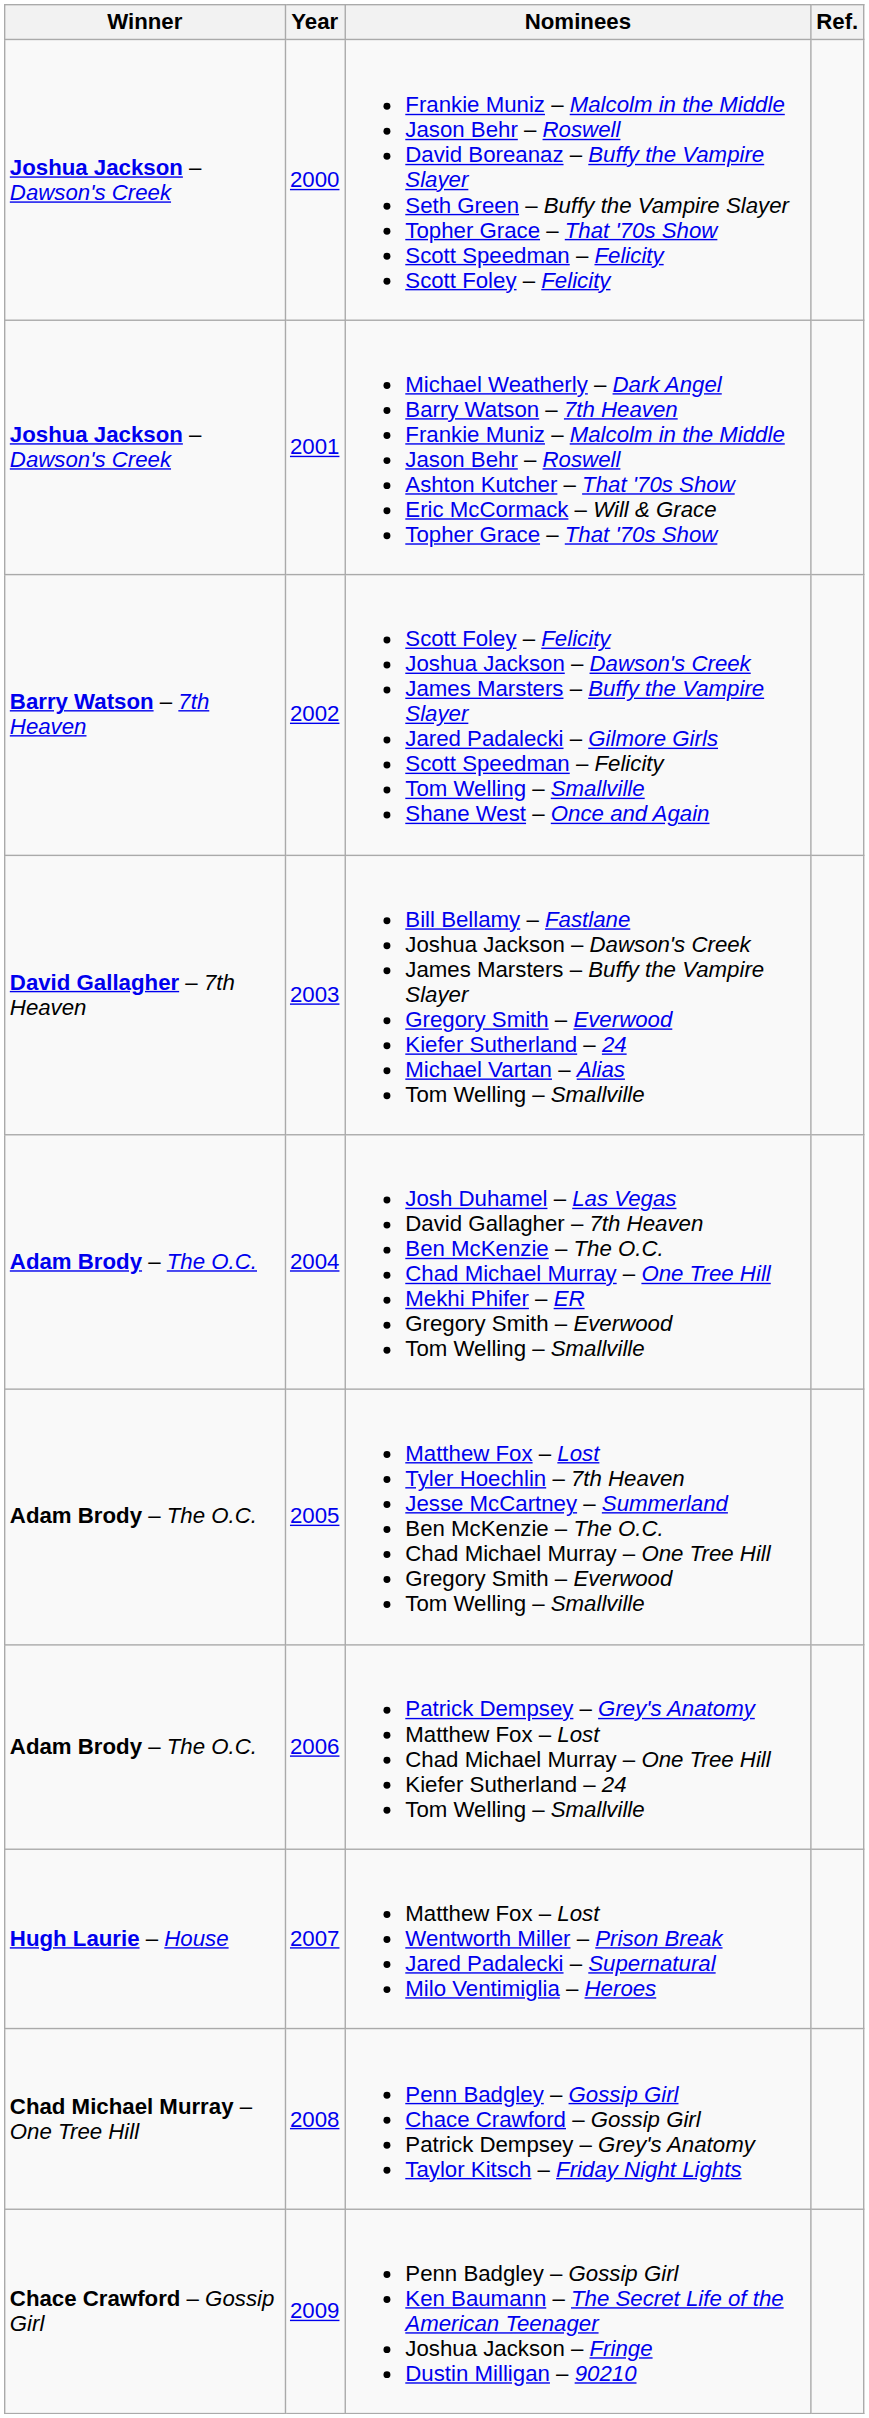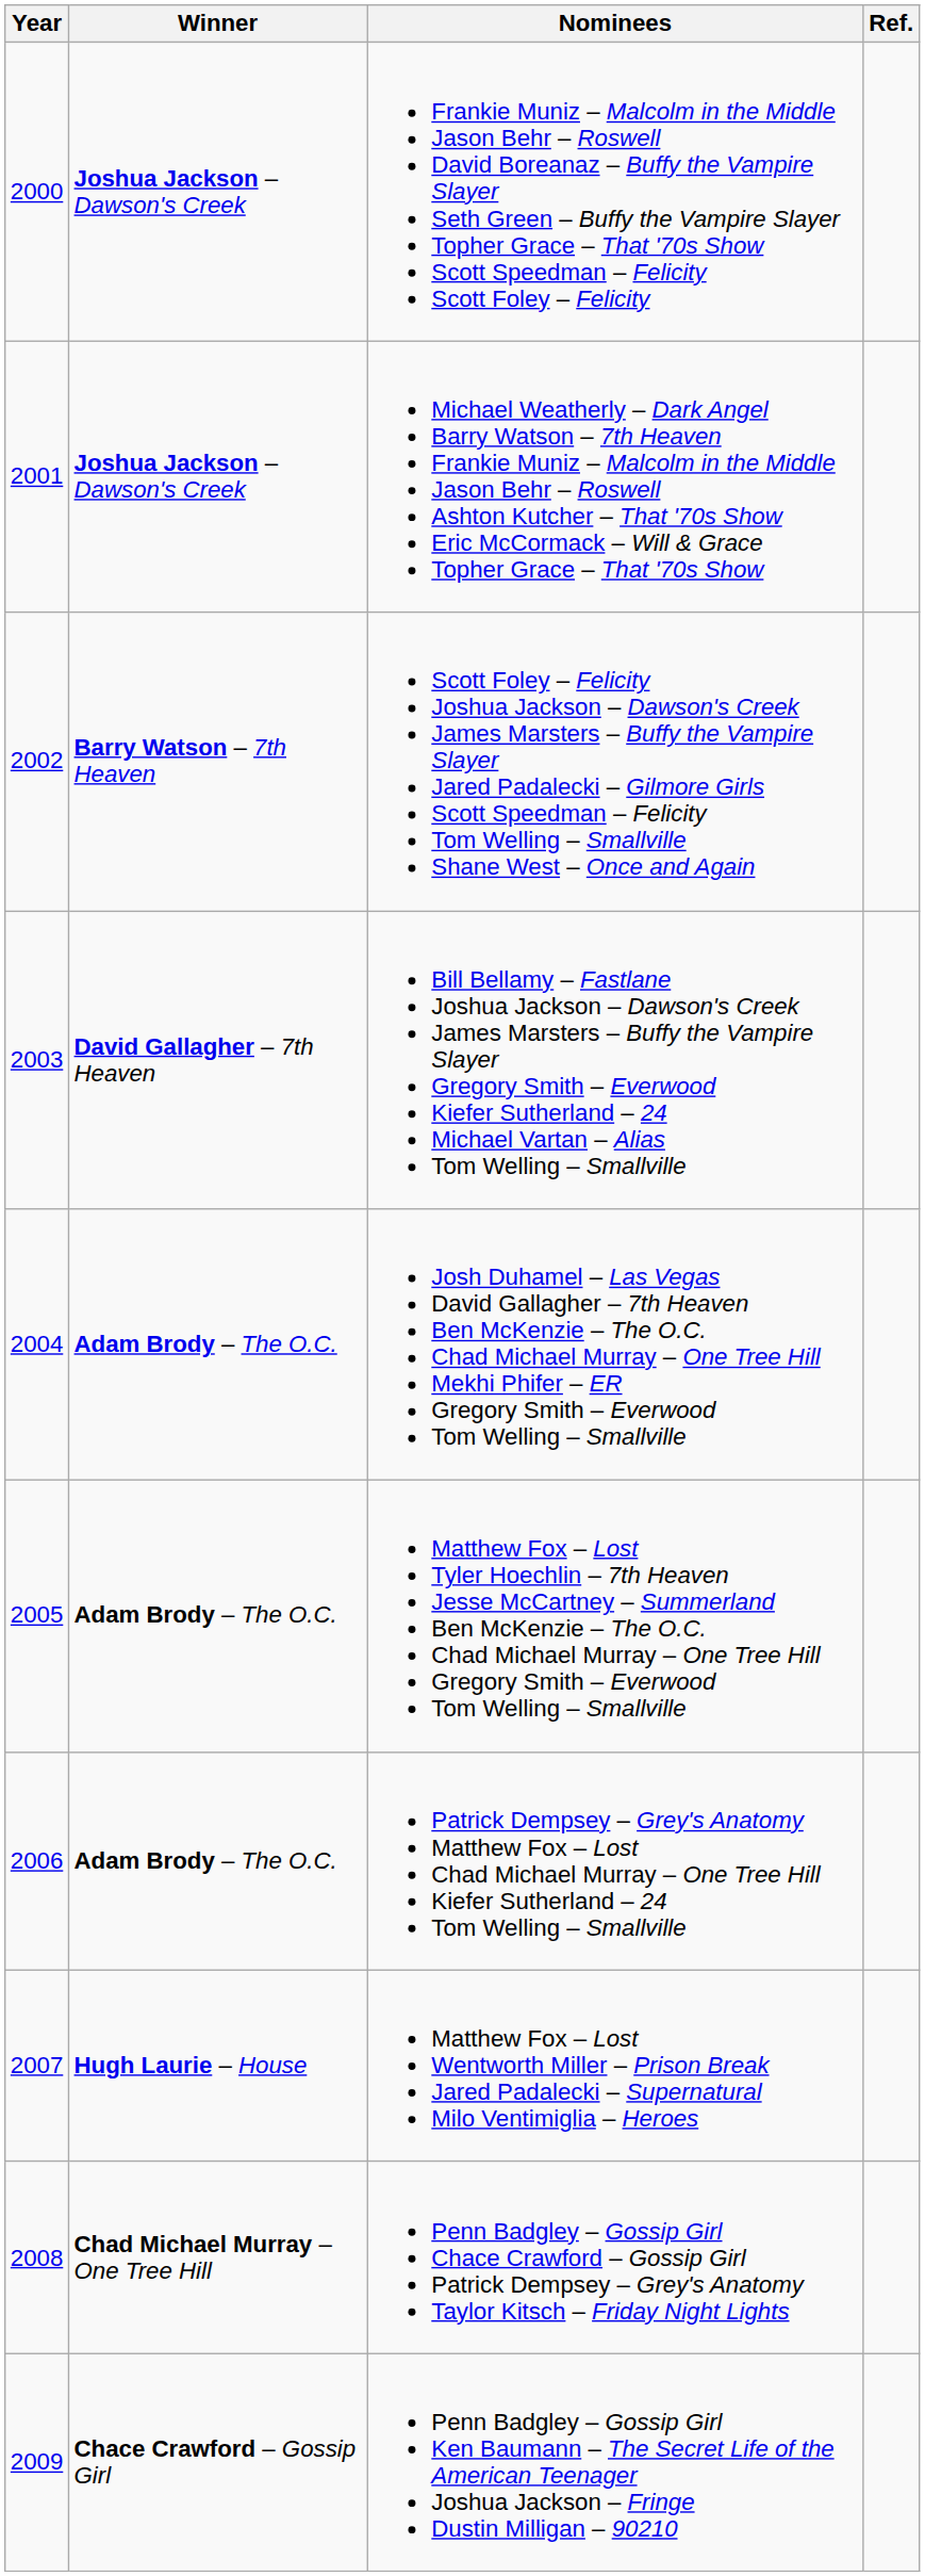 <table class="wikitable" width=70%>
 <tr>
+<th>Year</th>
 <th>Winner</th>
-<th>Year</th>
 <th>Nominees</th>
 <th>Ref.</th>
 </tr>
 <tr>
+<td><a href='#'>2000</a></td>
 <td><strong><a href='#'>Joshua Jackson</a></strong> – <em><a href='#'>Dawson's Creek</a></em></td>
-<td><a href='#'>2000</a></td>
 <td><br><ul><li><a href='#'>Frankie Muniz</a> – <em><a href='#'>Malcolm in the Middle</a></em></li><li><a href='#'>Jason Behr</a> – <em><a href='#'>Roswell</a></em></li><li><a href='#'>David Boreanaz</a> – <em><a href='#'>Buffy the Vampire Slayer</a></em></li><li><a href='#'>Seth Green</a> – <em>Buffy the Vampire Slayer</em></li><li><a href='#'>Topher Grace</a> – <em><a href='#'>That '70s Show</a></em></li><li><a href='#'>Scott Speedman</a> – <em><a href='#'>Felicity</a></em></li><li><a href='#'>Scott Foley</a> – <em><a href='#'>Felicity</a></em></li></ul></td>
 <td></td>
 </tr>
 <tr>
+<td><a href='#'>2001</a></td>
 <td><strong><a href='#'>Joshua Jackson</a></strong> – <em><a href='#'>Dawson's Creek</a></em></td>
-<td><a href='#'>2001</a></td>
 <td><br><ul><li><a href='#'>Michael Weatherly</a> – <em><a href='#'>Dark Angel</a></em></li><li><a href='#'>Barry Watson</a> – <em><a href='#'>7th Heaven</a></em></li><li><a href='#'>Frankie Muniz</a> – <em><a href='#'>Malcolm in the Middle</a></em></li><li><a href='#'>Jason Behr</a> – <em><a href='#'>Roswell</a></em></li><li><a href='#'>Ashton Kutcher</a> – <em><a href='#'>That '70s Show</a></em></li><li><a href='#'>Eric McCormack</a> – <em>Will & Grace</em></li><li><a href='#'>Topher Grace</a> – <em><a href='#'>That '70s Show</a></em></li></ul></td>
 <td></td>
 </tr>
 <tr>
+<td><a href='#'>2002</a></td>
 <td><strong><a href='#'>Barry Watson</a></strong> – <em><a href='#'>7th Heaven</a></em></td>
-<td><a href='#'>2002</a></td>
 <td><br><ul><li><a href='#'>Scott Foley</a> – <em><a href='#'>Felicity</a></em></li><li><a href='#'>Joshua Jackson</a> – <em><a href='#'>Dawson's Creek</a></em></li><li><a href='#'>James Marsters</a> – <em><a href='#'>Buffy the Vampire Slayer</a></em></li><li><a href='#'>Jared Padalecki</a> – <em><a href='#'>Gilmore Girls</a></em></li><li><a href='#'>Scott Speedman</a> – <em>Felicity</em></li><li><a href='#'>Tom Welling</a> – <em><a href='#'>Smallville</a></em></li><li><a href='#'>Shane West</a> – <em><a href='#'>Once and Again</a></em></li></ul></td>
 <td></td>
 </tr>
 <tr>
+<td><a href='#'>2003</a></td>
 <td><strong><a href='#'>David Gallagher</a></strong> – <em>7th Heaven</em></td>
-<td><a href='#'>2003</a></td>
 <td><br><ul><li><a href='#'>Bill Bellamy</a> – <em><a href='#'>Fastlane</a></em></li><li>Joshua Jackson – <em>Dawson's Creek</em></li><li>James Marsters – <em>Buffy the Vampire Slayer</em></li><li><a href='#'>Gregory Smith</a> – <em><a href='#'>Everwood</a></em></li><li><a href='#'>Kiefer Sutherland</a> – <em><a href='#'>24</a></em></li><li><a href='#'>Michael Vartan</a> – <em><a href='#'>Alias</a></em></li><li>Tom Welling – <em>Smallville</em></li></ul></td>
 <td></td>
 </tr>
 <tr>
+<td><a href='#'>2004</a></td>
 <td><strong><a href='#'>Adam Brody</a></strong> – <em><a href='#'>The O.C.</a></em></td>
-<td><a href='#'>2004</a></td>
 <td><br><ul><li><a href='#'>Josh Duhamel</a> – <em><a href='#'>Las Vegas</a></em></li><li>David Gallagher – <em>7th Heaven</em></li><li><a href='#'>Ben McKenzie</a> – <em>The O.C.</em></li><li><a href='#'>Chad Michael Murray</a> – <em><a href='#'>One Tree Hill</a></em></li><li><a href='#'>Mekhi Phifer</a> – <em><a href='#'>ER</a></em></li><li>Gregory Smith – <em>Everwood</em></li><li>Tom Welling – <em>Smallville</em></li></ul></td>
 <td></td>
 </tr>
 <tr>
+<td><a href='#'>2005</a></td>
 <td><strong>Adam Brody</strong> – <em>The O.C.</em></td>
-<td><a href='#'>2005</a></td>
 <td><br><ul><li><a href='#'>Matthew Fox</a> – <em><a href='#'>Lost</a></em></li><li><a href='#'>Tyler Hoechlin</a> – <em>7th Heaven</em></li><li><a href='#'>Jesse McCartney</a> – <em><a href='#'>Summerland</a></em></li><li>Ben McKenzie – <em>The O.C.</em></li><li>Chad Michael Murray – <em>One Tree Hill</em></li><li>Gregory Smith – <em>Everwood</em></li><li>Tom Welling – <em>Smallville</em></li></ul></td>
 <td></td>
 </tr>
 <tr>
+<td><a href='#'>2006</a></td>
 <td><strong>Adam Brody</strong> – <em>The O.C.</em></td>
-<td><a href='#'>2006</a></td>
 <td><br><ul><li><a href='#'>Patrick Dempsey</a> – <em><a href='#'>Grey's Anatomy</a></em></li><li>Matthew Fox – <em>Lost</em></li><li>Chad Michael Murray – <em>One Tree Hill</em></li><li>Kiefer Sutherland – <em>24</em></li><li>Tom Welling – <em>Smallville</em></li></ul></td>
 <td></td>
 </tr>
 <tr>
+<td><a href='#'>2007</a></td>
 <td><strong><a href='#'>Hugh Laurie</a></strong> – <em><a href='#'>House</a></em></td>
-<td><a href='#'>2007</a></td>
 <td><br><ul><li>Matthew Fox – <em>Lost</em></li><li><a href='#'>Wentworth Miller</a> – <em><a href='#'>Prison Break</a></em></li><li><a href='#'>Jared Padalecki</a> – <em><a href='#'>Supernatural</a></em></li><li><a href='#'>Milo Ventimiglia</a> – <em><a href='#'>Heroes</a></em></li></ul></td>
 <td></td>
 </tr>
 <tr>
+<td><a href='#'>2008</a></td>
 <td><strong>Chad Michael Murray</strong> – <em>One Tree Hill</em></td>
-<td><a href='#'>2008</a></td>
 <td><br><ul><li><a href='#'>Penn Badgley</a> – <em><a href='#'>Gossip Girl</a></em></li><li><a href='#'>Chace Crawford</a> – <em>Gossip Girl</em></li><li>Patrick Dempsey – <em>Grey's Anatomy</em></li><li><a href='#'>Taylor Kitsch</a> – <em><a href='#'>Friday Night Lights</a></em></li></ul></td>
 <td></td>
 </tr>
 <tr>
+<td><a href='#'>2009</a></td>
 <td><strong>Chace Crawford</strong> – <em>Gossip Girl</em></td>
-<td><a href='#'>2009</a></td>
 <td><br><ul><li>Penn Badgley – <em>Gossip Girl</em></li><li><a href='#'>Ken Baumann</a> – <em><a href='#'>The Secret Life of the American Teenager</a></em></li><li>Joshua Jackson – <em><a href='#'>Fringe</a></em></li><li><a href='#'>Dustin Milligan</a> – <em><a href='#'>90210</a></em></li></ul></td>
 <td></td>
 </tr>
 </table>
